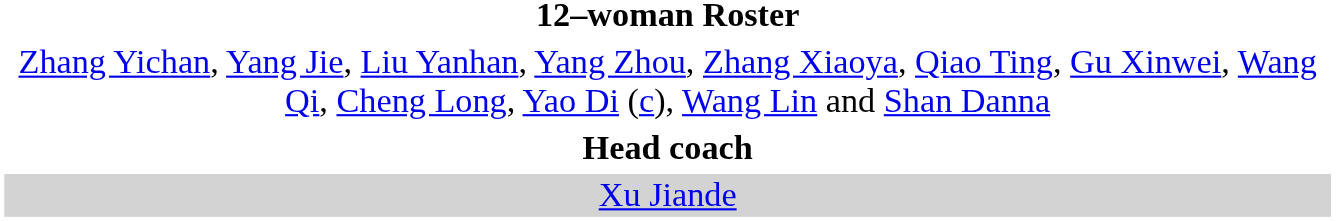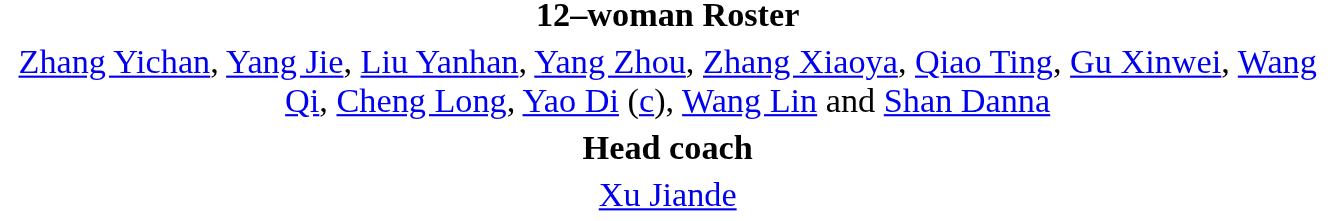 <table style="text-align: center; margin-top: 2em; margin-left: auto; margin-right: auto">
 <tr>
 <td><strong>12–woman Roster</strong></td>
 </tr>
 <tr>
 <td><a href='#'>Zhang Yichan</a>, <a href='#'>Yang Jie</a>, <a href='#'>Liu Yanhan</a>, <a href='#'>Yang Zhou</a>, <a href='#'>Zhang Xiaoya</a>, <a href='#'>Qiao Ting</a>, <a href='#'>Gu Xinwei</a>, <a href='#'>Wang Qi</a>, <a href='#'>Cheng Long</a>, <a href='#'>Yao Di</a> (<a href='#'>c</a>), <a href='#'>Wang Lin</a> and <a href='#'>Shan Danna</a></td>
 </tr>
 <tr>
 <td><strong>Head coach</strong></td>
 </tr>
 <tr>
-<td style="background: lightgrey;"><a href='#'>Xu Jiande</a></td>
+<td><a href='#'>Xu Jiande</a></td>
 </tr>
 </table>
